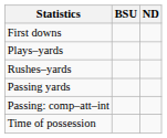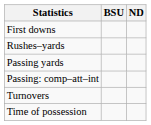 <table class="wikitable" style="float:left">
 <tr>
 <th>Statistics</th>
 <th>BSU</th>
 <th>ND</th>
 </tr>
 <tr>
 <td>First downs</td>
-<td></td>
-<td></td>
-</tr>
-<tr>
-<td>Plays–yards</td>
 <td></td>
 <td></td>
 </tr>
 <tr>
 <td>Rushes–yards</td>
 <td></td>
 <td></td>
 </tr>
 <tr>
 <td>Passing yards</td>
 <td></td>
 <td></td>
 </tr>
 <tr>
 <td>Passing: comp–att–int</td>
 <td></td>
 <td></td>
 </tr>
 <tr>
+<td>Turnovers</td>
+<td></td>
+<td></td>
+</tr>
+<tr>
 <td>Time of possession</td>
 <td></td>
 <td></td>
 </tr>
 </table>
